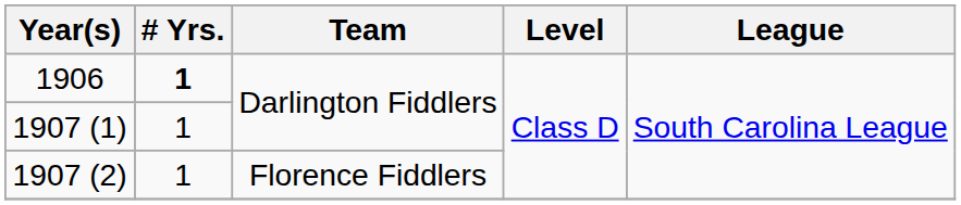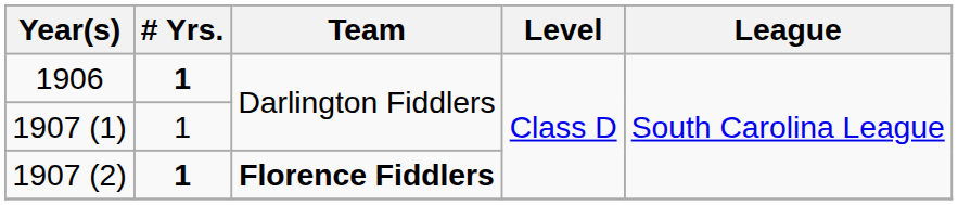 <table class="wikitable" style="text-align:center; font-size: 95%;">
 <tr>
 <th>Year(s)</th>
 <th># Yrs.</th>
 <th>Team</th>
 <th>Level</th>
 <th>League</th>
 </tr>
 <tr>
 <td>1906</td>
 <td><strong>1</strong></td>
 <td rowspan=2>Darlington Fiddlers</td>
 <td rowspan=3><a href='#'>Class D</a></td>
 <td rowspan=3><a href='#'>South Carolina League</a></td>
 </tr>
 <tr>
 <td>1907 (1)</td>
 <td>1</td>
 </tr>
 <tr>
 <td>1907 (2)</td>
-<td>1</td>
-<td>Florence Fiddlers</td>
+<td><strong>1</strong></td>
+<td><strong>Florence Fiddlers</strong></td>
 </tr>
 <tr>
 </tr>
 </table>
